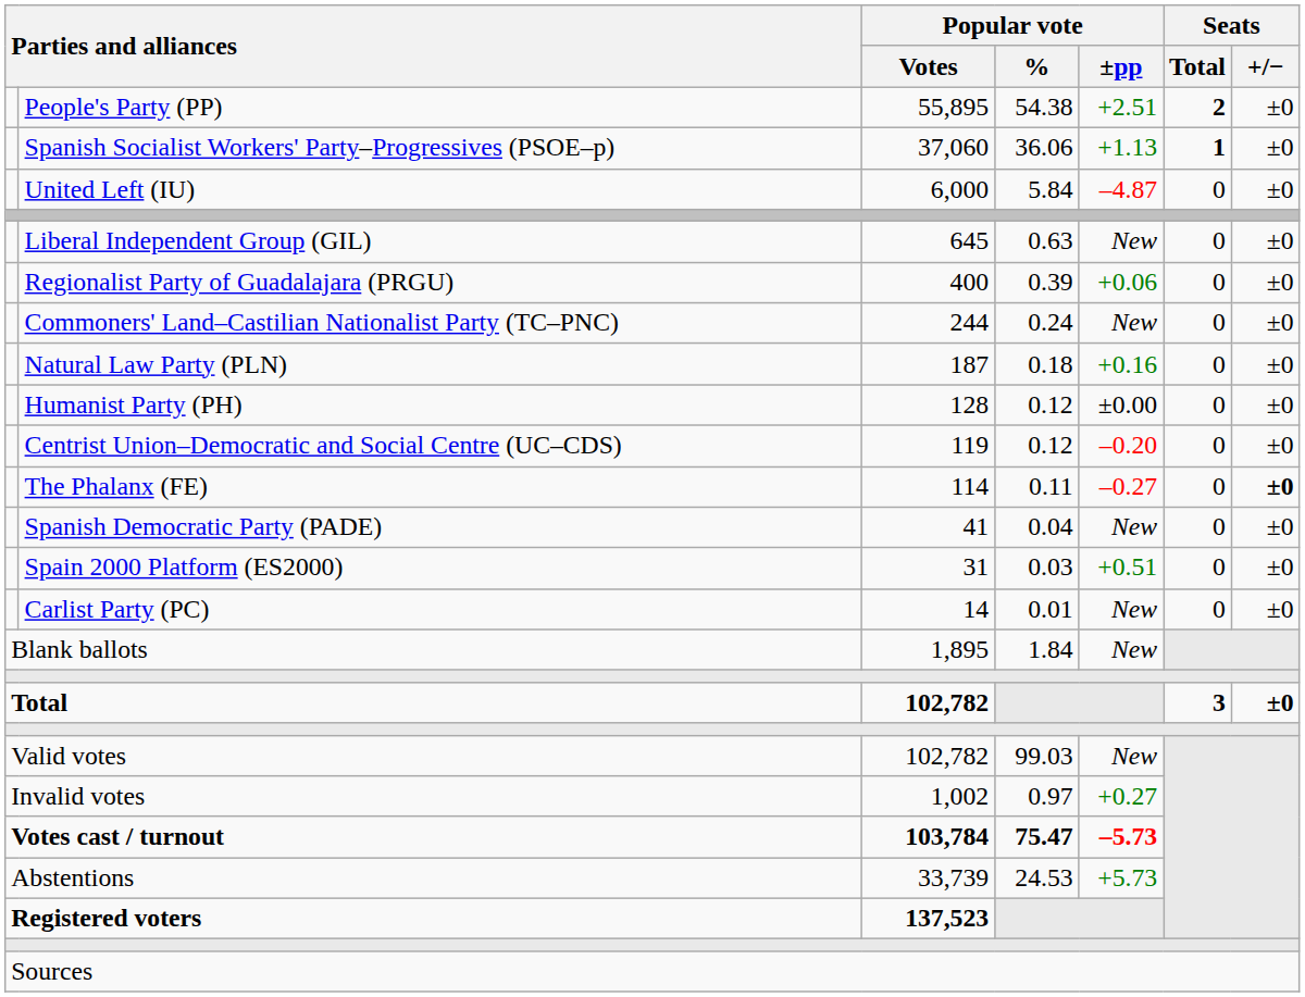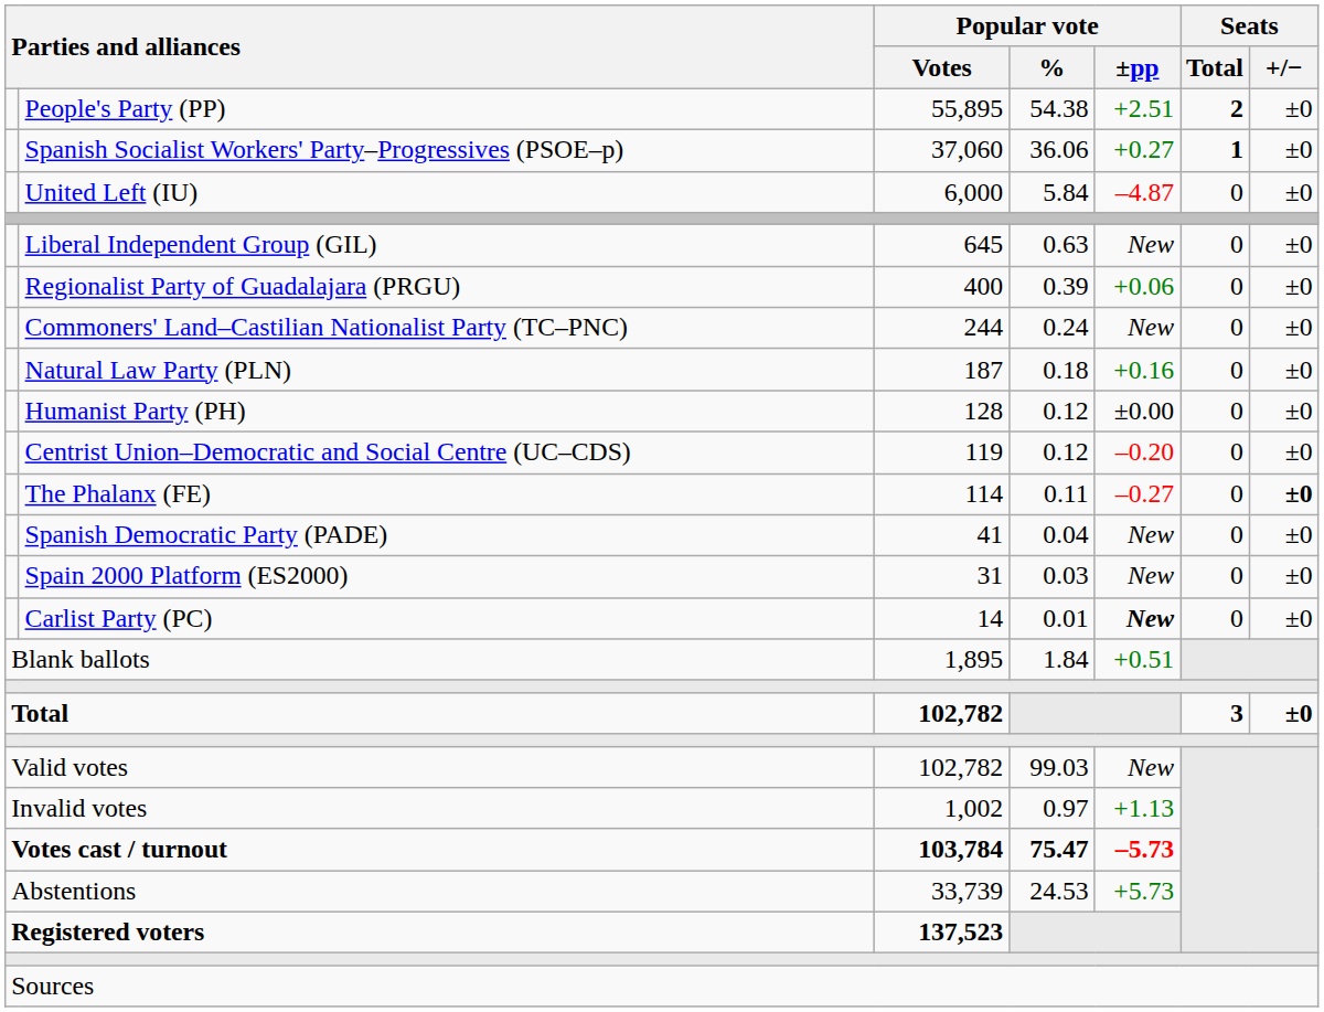 <table class="wikitable" style="text-align:right;">
 <tr>
 <th style="text-align:left;" rowspan="2" colspan="2" width="525">Parties and alliances</th>
 <th colspan="3">Popular vote</th>
 <th colspan="2">Seats</th>
 </tr>
 <tr>
 <th width="75">Votes</th>
 <th width="45">%</th>
 <th width="45">±<a href='#'>pp</a></th>
 <th width="35">Total</th>
 <th width="35">+/−</th>
 </tr>
 <tr>
 <td width="1" style="color:inherit;background:"></td>
 <td align="left"><a href='#'>People's Party</a> (PP)</td>
 <td>55,895</td>
 <td>54.38</td>
 <td style="color:green;">+2.51</td>
 <td><strong>2</strong></td>
 <td>±0</td>
 </tr>
 <tr>
 <td style="color:inherit;background:"></td>
 <td align="left"><a href='#'>Spanish Socialist Workers' Party</a>–<a href='#'>Progressives</a> (PSOE–p)</td>
 <td>37,060</td>
 <td>36.06</td>
-<td style="color:green;">+1.13</td>
+<td style="color:green;">+0.27</td>
 <td><strong>1</strong></td>
 <td>±0</td>
 </tr>
 <tr>
 <td style="color:inherit;background:"></td>
 <td align="left"><a href='#'>United Left</a> (IU)</td>
 <td>6,000</td>
 <td>5.84</td>
 <td style="color:red;">–4.87</td>
 <td>0</td>
 <td>±0</td>
 </tr>
 <tr>
 <td colspan="7" bgcolor="#C0C0C0"></td>
 </tr>
 <tr>
 <td style="color:inherit;background:"></td>
 <td align="left"><a href='#'>Liberal Independent Group</a> (GIL)</td>
 <td>645</td>
 <td>0.63</td>
 <td><em>New</em></td>
 <td>0</td>
 <td>±0</td>
 </tr>
 <tr>
 <td style="color:inherit;background:"></td>
 <td align="left"><a href='#'>Regionalist Party of Guadalajara</a> (PRGU)</td>
 <td>400</td>
 <td>0.39</td>
 <td style="color:green;">+0.06</td>
 <td>0</td>
 <td>±0</td>
 </tr>
 <tr>
 <td style="color:inherit;background:"></td>
 <td align="left"><a href='#'>Commoners' Land–Castilian Nationalist Party</a> (TC–PNC)</td>
 <td>244</td>
 <td>0.24</td>
 <td><em>New</em></td>
 <td>0</td>
 <td>±0</td>
 </tr>
 <tr>
 <td style="color:inherit;background:"></td>
 <td align="left"><a href='#'>Natural Law Party</a> (PLN)</td>
 <td>187</td>
 <td>0.18</td>
 <td style="color:green;">+0.16</td>
 <td>0</td>
 <td>±0</td>
 </tr>
 <tr>
 <td style="color:inherit;background:"></td>
 <td align="left"><a href='#'>Humanist Party</a> (PH)</td>
 <td>128</td>
 <td>0.12</td>
 <td>±0.00</td>
 <td>0</td>
 <td>±0</td>
 </tr>
 <tr>
 <td style="color:inherit;background:"></td>
 <td align="left"><a href='#'>Centrist Union–Democratic and Social Centre</a> (UC–CDS)</td>
 <td>119</td>
 <td>0.12</td>
 <td style="color:red;">–0.20</td>
 <td>0</td>
 <td>±0</td>
 </tr>
 <tr>
 <td style="color:inherit;background:"></td>
 <td align="left"><a href='#'>The Phalanx</a> (FE)</td>
 <td>114</td>
 <td>0.11</td>
 <td style="color:red;">–0.27</td>
 <td>0</td>
 <td><strong>±0</strong></td>
 </tr>
 <tr>
 <td style="color:inherit;background:"></td>
 <td align="left"><a href='#'>Spanish Democratic Party</a> (PADE)</td>
 <td>41</td>
 <td>0.04</td>
 <td><em>New</em></td>
 <td>0</td>
 <td>±0</td>
 </tr>
 <tr>
 <td style="color:inherit;background:"></td>
 <td align="left"><a href='#'>Spain 2000 Platform</a> (ES2000)</td>
 <td>31</td>
 <td>0.03</td>
-<td style="color:green;">+0.51</td>
+<td><em>New</em></td>
 <td>0</td>
 <td>±0</td>
 </tr>
 <tr>
 <td style="color:inherit;background:"></td>
 <td align="left"><a href='#'>Carlist Party</a> (PC)</td>
 <td>14</td>
 <td>0.01</td>
-<td><em>New</em></td>
+<td><strong><em>New</em></strong></td>
 <td>0</td>
 <td>±0</td>
 </tr>
 <tr>
 <td align="left" colspan="2">Blank ballots</td>
 <td>1,895</td>
 <td>1.84</td>
-<td><em>New</em></td>
+<td style="color:green;">+0.51</td>
 <td bgcolor="#E9E9E9" colspan="2"></td>
 </tr>
 <tr>
 <td colspan="7" bgcolor="#E9E9E9"></td>
 </tr>
 <tr style="font-weight:bold;">
 <td align="left" colspan="2">Total</td>
 <td>102,782</td>
 <td bgcolor="#E9E9E9" colspan="2"></td>
 <td>3</td>
 <td>±0</td>
 </tr>
 <tr>
 <td colspan="7" bgcolor="#E9E9E9"></td>
 </tr>
 <tr>
 <td align="left" colspan="2">Valid votes</td>
 <td>102,782</td>
 <td>99.03</td>
 <td><em>New</em></td>
 <td bgcolor="#E9E9E9" colspan="2" rowspan="5"></td>
 </tr>
 <tr>
 <td align="left" colspan="2">Invalid votes</td>
 <td>1,002</td>
 <td>0.97</td>
-<td style="color:green;">+0.27</td>
+<td style="color:green;">+1.13</td>
 </tr>
 <tr style="font-weight:bold;">
 <td align="left" colspan="2">Votes cast / turnout</td>
 <td>103,784</td>
 <td>75.47</td>
 <td style="color:red;">–5.73</td>
 </tr>
 <tr>
 <td align="left" colspan="2">Abstentions</td>
 <td>33,739</td>
 <td>24.53</td>
 <td style="color:green;">+5.73</td>
 </tr>
 <tr style="font-weight:bold;">
 <td align="left" colspan="2">Registered voters</td>
 <td>137,523</td>
 <td bgcolor="#E9E9E9" colspan="2"></td>
 </tr>
 <tr>
 <td colspan="7" bgcolor="#E9E9E9"></td>
 </tr>
 <tr>
 <td align="left" colspan="7">Sources</td>
 </tr>
 </table>
